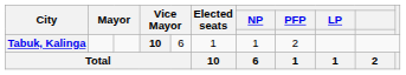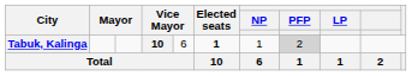 <table class="wikitable" style="text-align:center; font-size: 0.9em;">
 <tr>
 <th rowspan="3">City</th>
 <th colspan="2" rowspan="3" style="width:60px;">Mayor</th>
 <th colspan="2" rowspan="3" style="width:60px;">Vice Mayor</th>
 <th rowspan="3">Elected<br>seats</th>
 <th colspan="4"></th>
 <th rowspan="3"></th>
 </tr>
 <tr>
 <th class="unsortable" style="width:45px;"><a href='#'>NP</a></th>
 <th class="unsortable" style="width:45px;"><a href='#'>PFP</a></th>
 <th class="unsortable" style="width:45px;"><a href='#'>LP</a></th>
 <th class="unsortable" style="width:45px;"></th>
 </tr>
 <tr>
 <th style="color:inherit;background:"></th>
 <th style="color:inherit;background:"></th>
 <th style="color:inherit;background:"></th>
 <th style="color:inherit;background:"></th>
 </tr>
 <tr>
 <th style="text-align: left;"><a href='#'>Tabuk, Kalinga</a></th>
 <td></td>
 <td></td>
 <th>10</th>
 <td>6</td>
+<td><strong>1</strong></td>
 <td>1</td>
-<td>1</td>
-<td>2</td>
+<td style="background: lightgrey;">2</td>
 <td></td>
 </tr>
 <tr>
 <th colspan="5">Total</th>
 <th>10</th>
 <th>6</th>
 <th>1</th>
 <th>1</th>
 <th>2</th>
 <th></th>
 </tr>
 </table>
